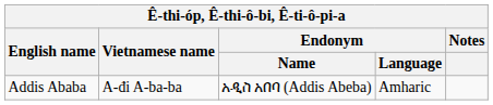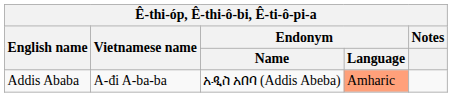 <table class="wikitable sortable">
 <tr>
 <th colspan="5"> Ê-thi-óp, Ê-thi-ô-bi, Ê-ti-ô-pi-a</th>
 </tr>
 <tr>
 <th rowspan="2">English name</th>
 <th rowspan="2">Vietnamese name</th>
 <th colspan="2">Endonym</th>
 <th>Notes</th>
 </tr>
 <tr>
 <th>Name</th>
 <th>Language</th>
 <th></th>
 </tr>
 <tr>
 <td>Addis Ababa</td>
 <td>A-đi A-ba-ba</td>
 <td>አዲስ አበባ (Addis Abeba)</td>
-<td>Amharic</td>
+<td style="background: lightsalmon;">Amharic</td>
 </tr>
 </table>
